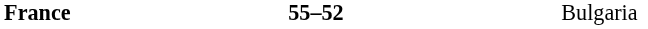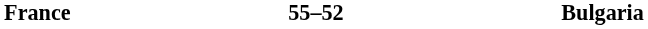 <table width=75% cellspacing=1>
 <tr>
 <th width=25%></th>
 <th width=25%></th>
 <th width=25%></th>
 </tr>
 <tr style=font-size:90%>
 <td align=right><strong>France</strong></td>
 <td align=center><strong>55–52</strong></td>
-<td>Bulgaria</td>
+<td><strong>Bulgaria</strong></td>
 </tr>
 </table>
